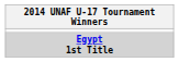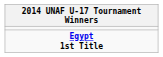 <table class="wikitable" style="text-align: center; margin: 0 auto; width: 20%">
 <tr>
 <th>2014 UNAF U-17 Tournament Winners</th>
 </tr>
 <tr>
 <td></td>
 </tr>
 <tr>
-<td style="background: lightgrey;"><strong><a href='#'>Egypt</a></strong><br><strong>1st Title</strong></td>
+<td><strong><a href='#'>Egypt</a></strong><br><strong>1st Title</strong></td>
 </tr>
 </table>
